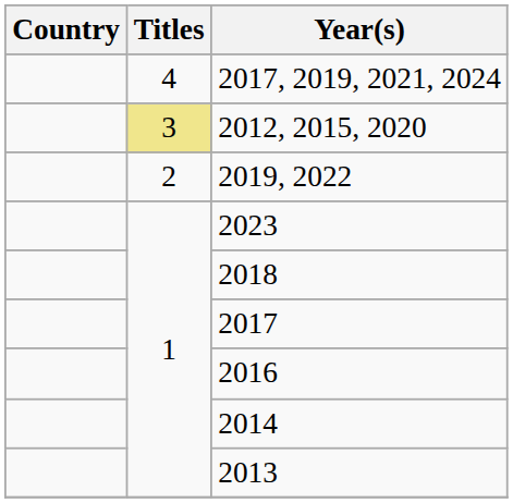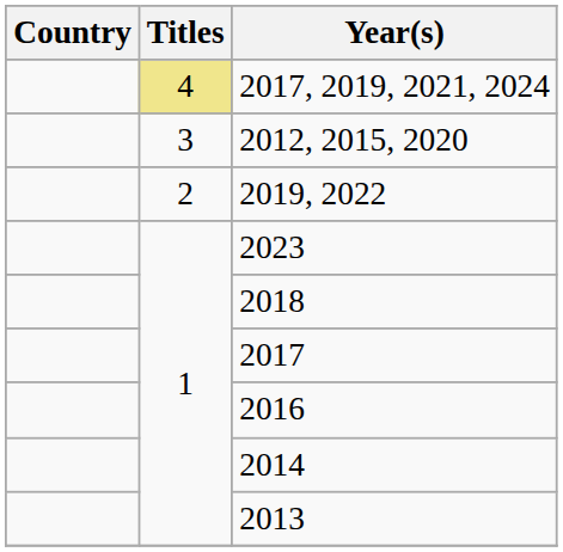 <table class="wikitable sortable" style="font-size: 95%;">
 <tr>
 <th>Country</th>
 <th>Titles</th>
 <th>Year(s)</th>
 </tr>
 <tr>
 <td></td>
-<td align="center">4</td>
+<td align="center" style="background: khaki;">4</td>
 <td>2017, 2019, 2021, 2024</td>
 </tr>
 <tr>
 <td></td>
-<td align="center" style="background: khaki;">3</td>
+<td align="center">3</td>
 <td>2012, 2015, 2020</td>
 </tr>
 <tr>
 <td></td>
 <td align="center">2</td>
 <td>2019, 2022</td>
 </tr>
 <tr>
 <td></td>
 <td rowspan="6" align="center">1</td>
 <td>2023</td>
 </tr>
 <tr>
 <td></td>
 <td>2018</td>
 </tr>
 <tr>
 <td></td>
 <td>2017</td>
 </tr>
 <tr>
 <td></td>
 <td>2016</td>
 </tr>
 <tr>
 <td></td>
 <td>2014</td>
 </tr>
 <tr>
 <td></td>
 <td>2013</td>
 </tr>
 <tr>
 </tr>
 </table>
